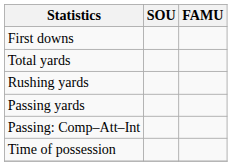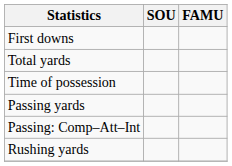 <table class="wikitable" style="float: left;">
 <tr>
 <th>Statistics</th>
 <th>SOU</th>
 <th>FAMU</th>
 </tr>
 <tr>
 <td>First downs</td>
 <td></td>
 <td></td>
 </tr>
 <tr>
 <td>Total yards</td>
 <td></td>
 <td></td>
 </tr>
 <tr>
-<td>Rushing yards</td>
+<td>Time of possession</td>
 <td></td>
 <td></td>
 </tr>
 <tr>
 <td>Passing yards</td>
 <td></td>
 <td></td>
 </tr>
 <tr>
 <td>Passing: Comp–Att–Int</td>
 <td></td>
 <td></td>
 </tr>
 <tr>
-<td>Time of possession</td>
+<td>Rushing yards</td>
 <td></td>
 <td></td>
 </tr>
 <tr>
 </tr>
 </table>
